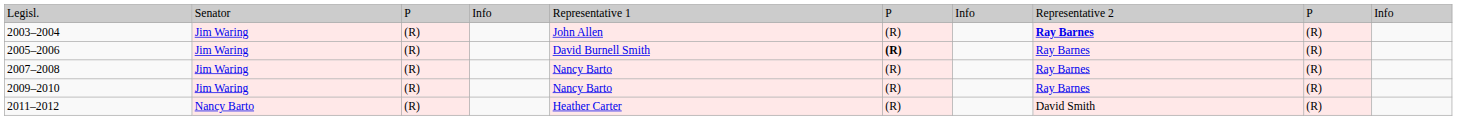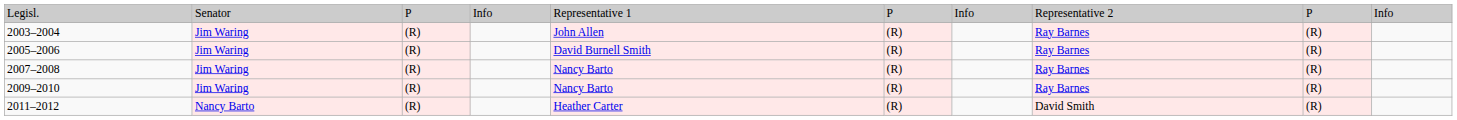 <table class=wikitable width="100%" border="1">
 <tr style="background-color:#cccccc;">
 <td>Legisl.</td>
 <td>Senator</td>
 <td>P</td>
 <td>Info</td>
 <td>Representative 1</td>
 <td>P</td>
 <td>Info</td>
 <td>Representative 2</td>
 <td>P</td>
 <td>Info</td>
 </tr>
 <tr>
 <td>2003–2004</td>
 <td style="background:#FFE8E8"><a href='#'>Jim Waring</a></td>
 <td style="background:#FFE8E8">(R)</td>
 <td></td>
 <td style="background:#FFE8E8"><a href='#'>John Allen</a></td>
 <td style="background:#FFE8E8">(R)</td>
 <td></td>
-<td style="background:#FFE8E8"><strong><a href='#'>Ray Barnes</a></strong></td>
+<td style="background:#FFE8E8"><a href='#'>Ray Barnes</a></td>
 <td style="background:#FFE8E8">(R)</td>
 <td></td>
 </tr>
 <tr>
 <td>2005–2006</td>
 <td style="background:#FFE8E8"><a href='#'>Jim Waring</a></td>
 <td style="background:#FFE8E8">(R)</td>
 <td></td>
 <td style="background:#FFE8E8"><a href='#'>David Burnell Smith</a></td>
-<td style="background:#FFE8E8"><strong>(R)</strong></td>
+<td style="background:#FFE8E8">(R)</td>
 <td></td>
 <td style="background:#FFE8E8"><a href='#'>Ray Barnes</a></td>
 <td style="background:#FFE8E8">(R)</td>
 </tr>
 <tr>
 <td>2007–2008</td>
 <td style="background:#FFE8E8"><a href='#'>Jim Waring</a></td>
 <td style="background:#FFE8E8">(R)</td>
 <td></td>
 <td style="background:#FFE8E8"><a href='#'>Nancy Barto</a></td>
 <td style="background:#FFE8E8">(R)</td>
 <td></td>
 <td style="background:#FFE8E8"><a href='#'>Ray Barnes</a></td>
 <td style="background:#FFE8E8">(R)</td>
 <td></td>
 </tr>
 <tr>
 <td>2009–2010</td>
 <td style="background:#FFE8E8"><a href='#'>Jim Waring</a></td>
 <td style="background:#FFE8E8">(R)</td>
 <td></td>
 <td style="background:#FFE8E8"><a href='#'>Nancy Barto</a></td>
 <td style="background:#FFE8E8">(R)</td>
 <td></td>
 <td style="background:#FFE8E8"><a href='#'>Ray Barnes</a></td>
 <td style="background:#FFE8E8">(R)</td>
 <td></td>
 </tr>
 <tr>
 <td>2011–2012</td>
 <td style="background:#FFE8E8"><a href='#'>Nancy Barto</a></td>
 <td style="background:#FFE8E8">(R)</td>
 <td></td>
 <td style="background:#FFE8E8"><a href='#'>Heather Carter</a></td>
 <td style="background:#FFE8E8">(R)</td>
 <td></td>
 <td style="background:#FFE8E8">David Smith</td>
 <td style="background:#FFE8E8">(R)</td>
 <td></td>
 </tr>
 </table>
